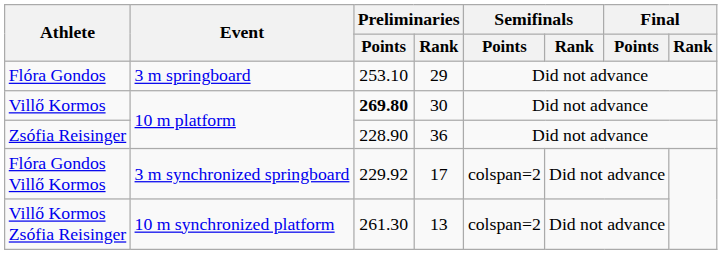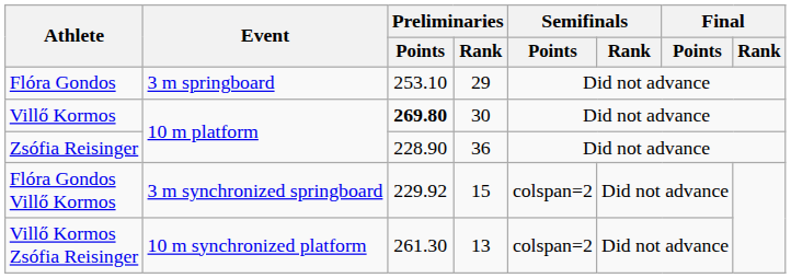 <table class=wikitable style="font-size:90%;">
 <tr>
 <th rowspan="2">Athlete</th>
 <th rowspan="2">Event</th>
 <th colspan="2">Preliminaries</th>
 <th colspan="2">Semifinals</th>
 <th colspan="2">Final</th>
 </tr>
 <tr style="font-size:95%">
 <th>Points</th>
 <th>Rank</th>
 <th>Points</th>
 <th>Rank</th>
 <th>Points</th>
 <th>Rank</th>
 </tr>
 <tr align=center>
 <td align=left><a href='#'>Flóra Gondos</a></td>
 <td align=left><a href='#'>3 m springboard</a></td>
 <td>253.10</td>
 <td>29</td>
 <td colspan=4>Did not advance</td>
 </tr>
 <tr align=center>
 <td align=left><a href='#'>Villő Kormos</a></td>
 <td align=left rowspan=2><a href='#'>10 m platform</a></td>
 <td><strong>269.80</strong></td>
 <td>30</td>
 <td colspan=4>Did not advance</td>
 </tr>
 <tr align=center>
 <td align=left><a href='#'>Zsófia Reisinger</a></td>
 <td>228.90</td>
 <td>36</td>
 <td colspan=4>Did not advance</td>
 </tr>
 <tr align=center>
 <td align=left><a href='#'>Flóra Gondos</a><br><a href='#'>Villő Kormos</a></td>
 <td align=left><a href='#'>3 m synchronized springboard</a></td>
 <td>229.92</td>
-<td>17</td>
+<td>15</td>
 <td>colspan=2 </td>
 <td colspan=2>Did not advance</td>
 </tr>
 <tr align=center>
 <td align=left><a href='#'>Villő Kormos</a><br><a href='#'>Zsófia Reisinger</a></td>
 <td align=left><a href='#'>10 m synchronized platform</a></td>
 <td>261.30</td>
 <td>13</td>
 <td>colspan=2 </td>
 <td colspan=2>Did not advance</td>
 </tr>
 </table>
